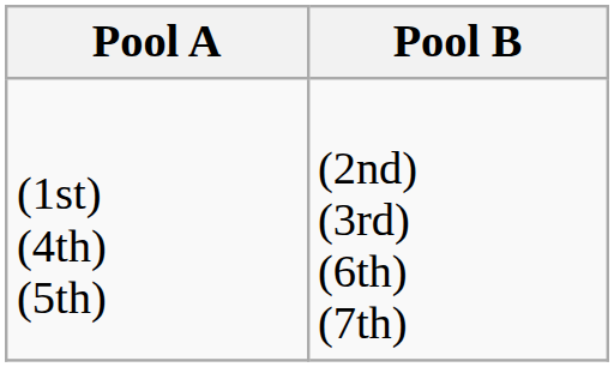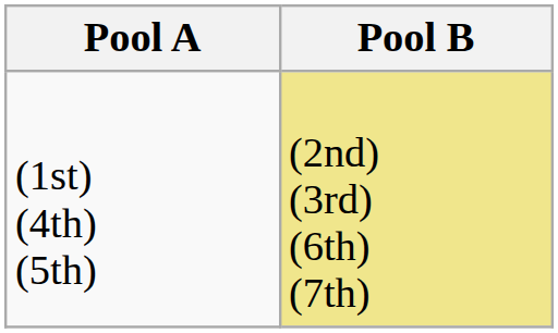 <table class="wikitable">
 <tr>
 <th width=25%>Pool A</th>
 <th width=25%>Pool B</th>
 </tr>
 <tr>
 <td><br> (1st)<br>  (4th)<br>  (5th)<br></td>
-<td><br> (2nd)<br>  (3rd)<br>  (6th)<br>  (7th)</td>
+<td style="background: khaki;"><br> (2nd)<br>  (3rd)<br>  (6th)<br>  (7th)</td>
 </tr>
 </table>
